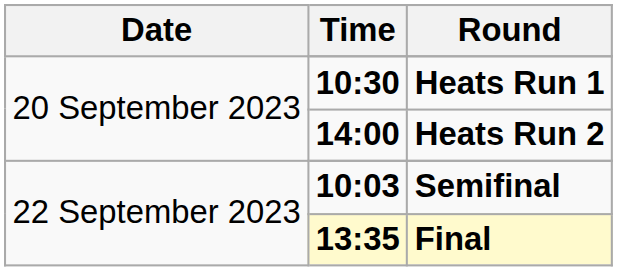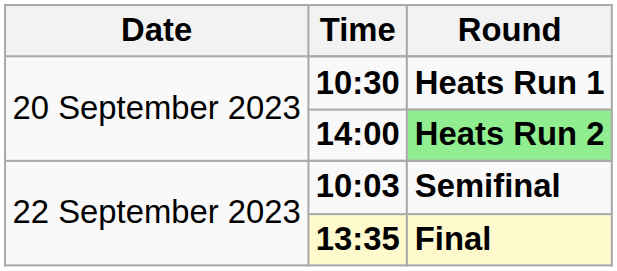 <table class="wikitable">
 <tr>
 <th>Date</th>
 <th>Time</th>
 <th>Round</th>
 </tr>
 <tr>
 <td rowspan=3>20 September 2023</td>
 </tr>
 <tr>
 <td><strong>10:30</strong></td>
 <td><strong>Heats Run 1</strong></td>
 </tr>
 <tr>
 <td><strong>14:00</strong></td>
-<td><strong>Heats Run 2</strong></td>
+<td style="background: lightgreen;"><strong>Heats Run 2</strong></td>
 </tr>
 <tr>
 <td rowspan=3>22 September 2023</td>
 </tr>
 <tr>
 <td><strong>10:03</strong></td>
 <td><strong>Semifinal</strong></td>
 </tr>
 <tr style=background:lemonchiffon>
 <td><strong>13:35</strong></td>
 <td><strong>Final</strong></td>
 </tr>
 </table>
